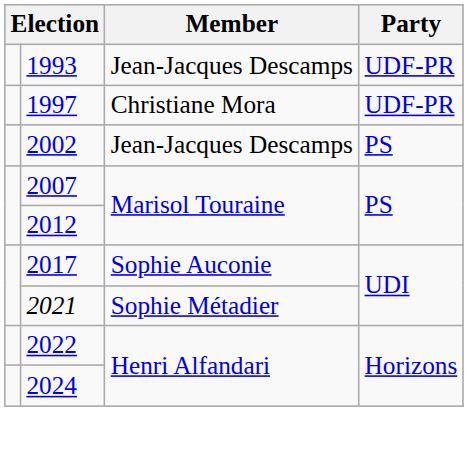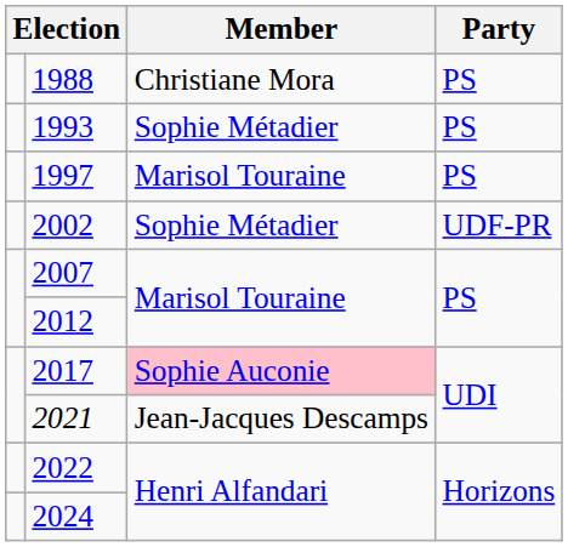 <table class="wikitable">
 <tr>
 <th colspan="2">Election</th>
 <th>Member</th>
 <th>Party</th>
 </tr>
 <tr>
 <td style="color:inherit;background:"></td>
+<td><a href='#'>1988</a></td>
+<td>Christiane Mora</td>
+<td><a href='#'>PS</a></td>
+</tr>
+<tr>
+<td style="color:inherit;background:"></td>
 <td><a href='#'>1993</a></td>
-<td>Jean-Jacques Descamps</td>
-<td><a href='#'>UDF-PR</a></td>
+<td><a href='#'>Sophie Métadier</a></td>
+<td><a href='#'>PS</a></td>
 </tr>
 <tr>
 <td style="color:inherit;background:"></td>
 <td><a href='#'>1997</a></td>
-<td>Christiane Mora</td>
-<td><a href='#'>UDF-PR</a></td>
+<td><a href='#'>Marisol Touraine</a></td>
+<td><a href='#'>PS</a></td>
 </tr>
 <tr>
 <td style="color:inherit;background:"></td>
 <td><a href='#'>2002</a></td>
-<td>Jean-Jacques Descamps</td>
-<td><a href='#'>PS</a></td>
+<td><a href='#'>Sophie Métadier</a></td>
+<td><a href='#'>UDF-PR</a></td>
 </tr>
 <tr>
 <td rowspan="2" style="color:inherit;background:"></td>
 <td><a href='#'>2007</a></td>
 <td rowspan="2"><a href='#'>Marisol Touraine</a></td>
 <td rowspan="2"><a href='#'>PS</a></td>
 </tr>
 <tr>
 <td><a href='#'>2012</a></td>
 </tr>
 <tr>
 <td rowspan="2" style="color:inherit;background:"></td>
 <td><a href='#'>2017</a></td>
-<td><a href='#'>Sophie Auconie</a></td>
+<td style="background: pink;"><a href='#'>Sophie Auconie</a></td>
 <td rowspan="2"><a href='#'>UDI</a></td>
 </tr>
 <tr>
 <td><em>2021</em></td>
-<td><a href='#'>Sophie Métadier</a></td>
+<td>Jean-Jacques Descamps</td>
 </tr>
 <tr>
 <td style="color:inherit;background:"></td>
 <td><a href='#'>2022</a></td>
 <td rowspan="2"><a href='#'>Henri Alfandari</a></td>
 <td rowspan="2"><a href='#'>Horizons</a></td>
 </tr>
 <tr>
 <td style="color:inherit;background:"></td>
 <td><a href='#'>2024</a></td>
 </tr>
 </table>
